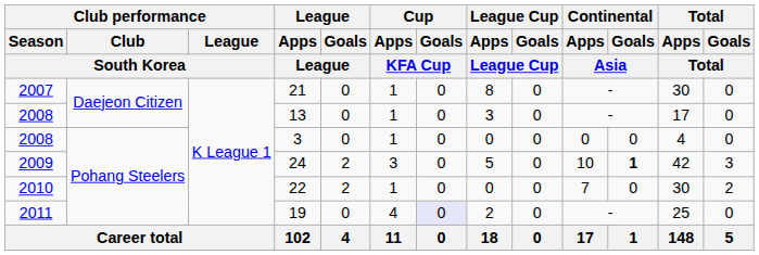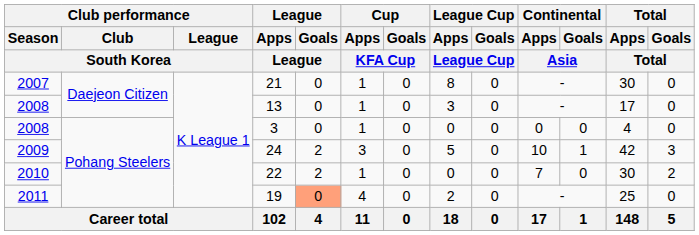 <table class="wikitable" style="text-align:center">
 <tr>
 <th colspan=3>Club performance</th>
 <th colspan=2>League</th>
 <th colspan=2>Cup</th>
 <th colspan=2>League Cup</th>
 <th colspan=2>Continental</th>
 <th colspan=2>Total</th>
 </tr>
 <tr>
 <th>Season</th>
 <th>Club</th>
 <th>League</th>
 <th>Apps</th>
 <th>Goals</th>
 <th>Apps</th>
 <th>Goals</th>
 <th>Apps</th>
 <th>Goals</th>
 <th>Apps</th>
 <th>Goals</th>
 <th>Apps</th>
 <th>Goals</th>
 </tr>
 <tr>
 <th colspan=3>South Korea</th>
 <th colspan=2>League</th>
 <th colspan=2><a href='#'>KFA Cup</a></th>
 <th colspan=2><a href='#'>League Cup</a></th>
 <th colspan=2><a href='#'>Asia</a></th>
 <th colspan=2>Total</th>
 </tr>
 <tr>
 <td><a href='#'>2007</a></td>
 <td rowspan="2"><a href='#'>Daejeon Citizen</a></td>
 <td rowspan="6"><a href='#'>K League 1</a></td>
 <td>21</td>
 <td>0</td>
 <td>1</td>
 <td>0</td>
 <td>8</td>
 <td>0</td>
 <td colspan="2">-</td>
 <td>30</td>
 <td>0</td>
 </tr>
 <tr>
 <td><a href='#'>2008</a></td>
 <td>13</td>
 <td>0</td>
 <td>1</td>
 <td>0</td>
 <td>3</td>
 <td>0</td>
 <td colspan="2">-</td>
 <td>17</td>
 <td>0</td>
 </tr>
 <tr>
 <td><a href='#'>2008</a></td>
 <td rowspan="4"><a href='#'>Pohang Steelers</a></td>
 <td>3</td>
 <td>0</td>
 <td>1</td>
 <td>0</td>
 <td>0</td>
 <td>0</td>
 <td>0</td>
 <td>0</td>
 <td>4</td>
 <td>0</td>
 </tr>
 <tr>
 <td><a href='#'>2009</a></td>
 <td>24</td>
 <td>2</td>
 <td>3</td>
 <td>0</td>
 <td>5</td>
 <td>0</td>
 <td>10</td>
-<td><strong>1</strong></td>
+<td>1</td>
 <td>42</td>
 <td>3</td>
 </tr>
 <tr>
 <td><a href='#'>2010</a></td>
 <td>22</td>
 <td>2</td>
 <td>1</td>
 <td>0</td>
 <td>0</td>
 <td>0</td>
 <td>7</td>
 <td>0</td>
 <td>30</td>
 <td>2</td>
 </tr>
 <tr>
 <td><a href='#'>2011</a></td>
 <td>19</td>
+<td style="background: lightsalmon;">0</td>
+<td>4</td>
 <td>0</td>
-<td>4</td>
-<td style="background: lavender;">0</td>
 <td>2</td>
 <td>0</td>
 <td colspan="2">-</td>
 <td>25</td>
 <td>0</td>
 </tr>
 <tr>
 <th colspan=3>Career total</th>
 <th>102</th>
 <th>4</th>
 <th>11</th>
 <th>0</th>
 <th>18</th>
 <th>0</th>
 <th>17</th>
 <th>1</th>
 <th>148</th>
 <th>5</th>
 </tr>
 </table>
